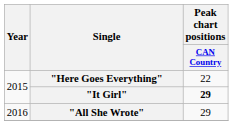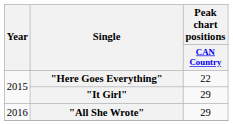 <table class="wikitable plainrowheaders" style="text-align:center;">
 <tr>
 <th rowspan="2" style="width:1em;">Year</th>
 <th rowspan="2" style="width:14em;">Single</th>
 <th>Peak chart positions</th>
 </tr>
 <tr style="font-size:smaller;">
 <th style="width:4em;"><a href='#'>CAN Country</a><br></th>
 </tr>
 <tr>
 <td rowspan="2">2015</td>
 <th scope="row">"Here Goes Everything"</th>
 <td>22</td>
 </tr>
 <tr>
 <th scope="row">"It Girl"</th>
-<td><strong>29</strong></td>
+<td>29</td>
 </tr>
 <tr>
 <td>2016</td>
 <th scope="row">"All She Wrote"</th>
 <td>29</td>
 </tr>
 <tr>
 </tr>
 </table>
